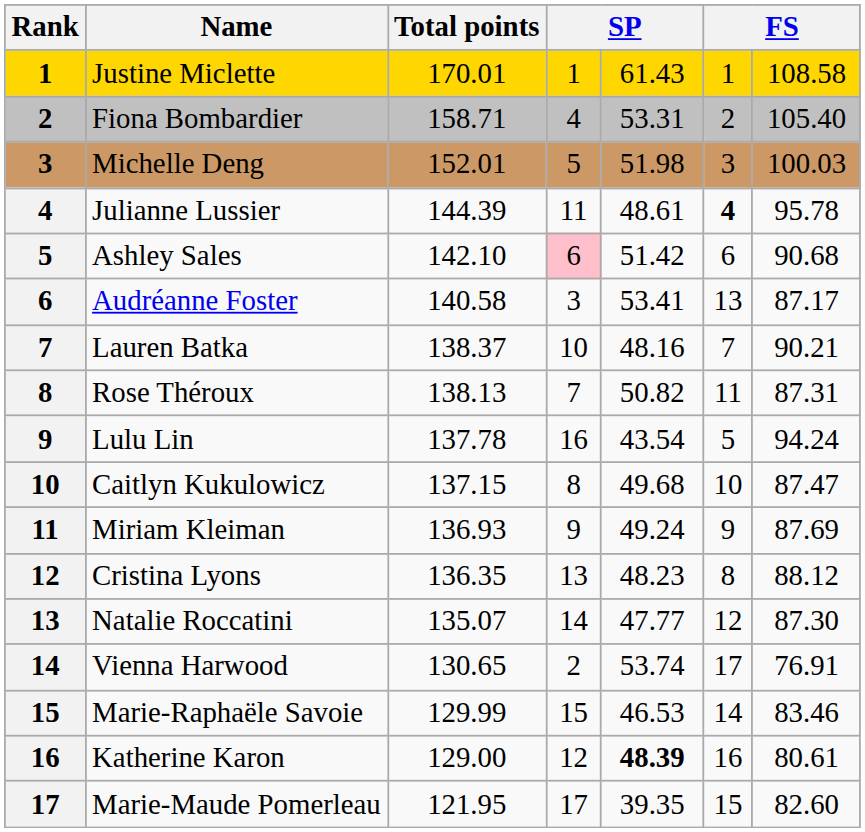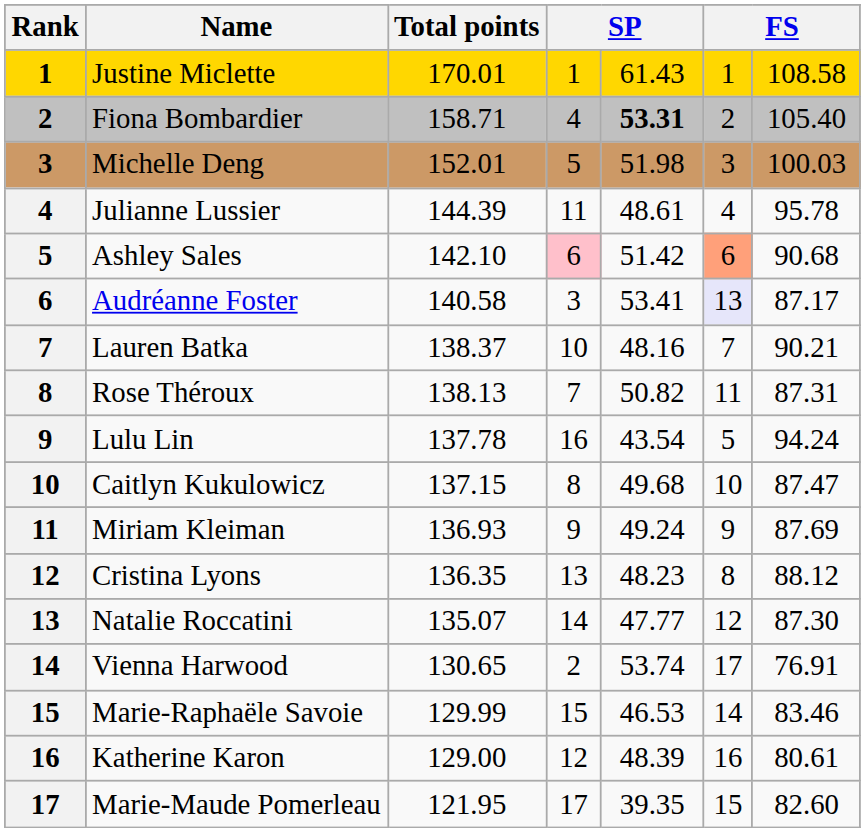 <table class="wikitable sortable">
 <tr>
 <th>Rank</th>
 <th>Name</th>
 <th>Total points</th>
 <th colspan="2" width="80px"><a href='#'>SP</a></th>
 <th colspan="2" width="80px"><a href='#'>FS</a></th>
 </tr>
 <tr bgcolor="gold">
 <td align="center"><strong>1</strong></td>
 <td>Justine Miclette</td>
 <td align="center">170.01</td>
 <td align="center">1</td>
 <td align="center">61.43</td>
 <td align="center">1</td>
 <td align="center">108.58</td>
 </tr>
 <tr bgcolor="silver">
 <td align="center"><strong>2</strong></td>
 <td>Fiona Bombardier</td>
 <td align="center">158.71</td>
 <td align="center">4</td>
-<td align="center">53.31</td>
+<td align="center"><strong>53.31</strong></td>
 <td align="center">2</td>
 <td align="center">105.40</td>
 </tr>
 <tr bgcolor="cc9966">
 <td align="center"><strong>3</strong></td>
 <td>Michelle Deng</td>
 <td align="center">152.01</td>
 <td align="center">5</td>
 <td align="center">51.98</td>
 <td align="center">3</td>
 <td align="center">100.03</td>
 </tr>
 <tr>
 <th>4</th>
 <td>Julianne Lussier</td>
 <td align="center">144.39</td>
 <td align="center">11</td>
 <td align="center">48.61</td>
-<td align="center"><strong>4</strong></td>
+<td align="center">4</td>
 <td align="center">95.78</td>
 </tr>
 <tr>
 <th>5</th>
 <td>Ashley Sales</td>
 <td align="center">142.10</td>
 <td align="center" style="background: pink;">6</td>
 <td align="center">51.42</td>
-<td align="center">6</td>
+<td align="center" style="background: lightsalmon;">6</td>
 <td align="center">90.68</td>
 </tr>
 <tr>
 <th>6</th>
 <td><a href='#'>Audréanne Foster</a></td>
 <td align="center">140.58</td>
 <td align="center">3</td>
 <td align="center">53.41</td>
-<td align="center">13</td>
+<td align="center" style="background: lavender;">13</td>
 <td align="center">87.17</td>
 </tr>
 <tr>
 <th>7</th>
 <td>Lauren Batka</td>
 <td align="center">138.37</td>
 <td align="center">10</td>
 <td align="center">48.16</td>
 <td align="center">7</td>
 <td align="center">90.21</td>
 </tr>
 <tr>
 <th>8</th>
 <td>Rose Théroux</td>
 <td align="center">138.13</td>
 <td align="center">7</td>
 <td align="center">50.82</td>
 <td align="center">11</td>
 <td align="center">87.31</td>
 </tr>
 <tr>
 <th>9</th>
 <td>Lulu Lin</td>
 <td align="center">137.78</td>
 <td align="center">16</td>
 <td align="center">43.54</td>
 <td align="center">5</td>
 <td align="center">94.24</td>
 </tr>
 <tr>
 <th>10</th>
 <td>Caitlyn Kukulowicz</td>
 <td align="center">137.15</td>
 <td align="center">8</td>
 <td align="center">49.68</td>
 <td align="center">10</td>
 <td align="center">87.47</td>
 </tr>
 <tr>
 <th>11</th>
 <td>Miriam Kleiman</td>
 <td align="center">136.93</td>
 <td align="center">9</td>
 <td align="center">49.24</td>
 <td align="center">9</td>
 <td align="center">87.69</td>
 </tr>
 <tr>
 <th>12</th>
 <td>Cristina Lyons</td>
 <td align="center">136.35</td>
 <td align="center">13</td>
 <td align="center">48.23</td>
 <td align="center">8</td>
 <td align="center">88.12</td>
 </tr>
 <tr>
 <th>13</th>
 <td>Natalie Roccatini</td>
 <td align="center">135.07</td>
 <td align="center">14</td>
 <td align="center">47.77</td>
 <td align="center">12</td>
 <td align="center">87.30</td>
 </tr>
 <tr>
 <th>14</th>
 <td>Vienna Harwood</td>
 <td align="center">130.65</td>
 <td align="center">2</td>
 <td align="center">53.74</td>
 <td align="center">17</td>
 <td align="center">76.91</td>
 </tr>
 <tr>
 <th>15</th>
 <td>Marie-Raphaële Savoie</td>
 <td align="center">129.99</td>
 <td align="center">15</td>
 <td align="center">46.53</td>
 <td align="center">14</td>
 <td align="center">83.46</td>
 </tr>
 <tr>
 <th>16</th>
 <td>Katherine Karon</td>
 <td align="center">129.00</td>
 <td align="center">12</td>
-<td align="center"><strong>48.39</strong></td>
+<td align="center">48.39</td>
 <td align="center">16</td>
 <td align="center">80.61</td>
 </tr>
 <tr>
 <th>17</th>
 <td>Marie-Maude Pomerleau</td>
 <td align="center">121.95</td>
 <td align="center">17</td>
 <td align="center">39.35</td>
 <td align="center">15</td>
 <td align="center">82.60</td>
 </tr>
 </table>
